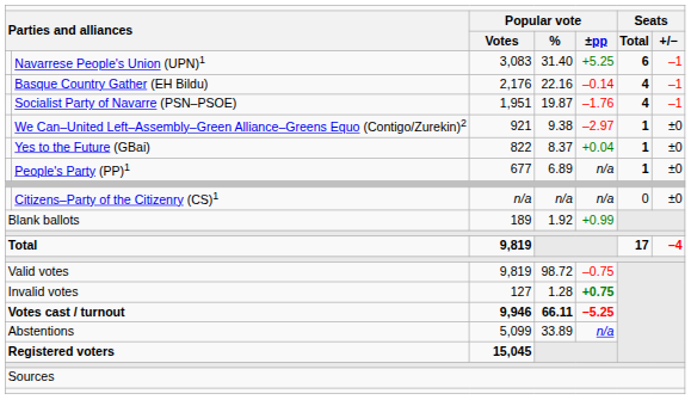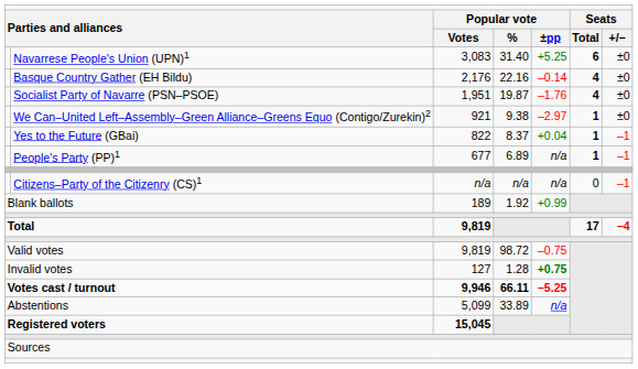 <table class="wikitable" style="text-align:right;">
 <tr>
 <td colspan="7"></td>
 </tr>
 <tr>
 <th style="text-align:left;" rowspan="2" colspan="2" width="525">Parties and alliances</th>
 <th colspan="3">Popular vote</th>
 <th colspan="2">Seats</th>
 </tr>
 <tr>
 <th width="75">Votes</th>
 <th width="45">%</th>
 <th width="45">±<a href='#'>pp</a></th>
 <th width="35">Total</th>
 <th width="35">+/−</th>
 </tr>
 <tr>
 <td width="1" style="color:inherit;background:"></td>
 <td align="left"><a href='#'>Navarrese People's Union</a> (UPN)<sup>1</sup></td>
 <td>3,083</td>
 <td>31.40</td>
 <td style="color:green;">+5.25</td>
 <td><strong>6</strong></td>
-<td style="color:red;">–1</td>
+<td>±0</td>
 </tr>
 <tr>
 <td style="color:inherit;background:"></td>
 <td align="left"><a href='#'>Basque Country Gather</a> (EH Bildu)</td>
 <td>2,176</td>
 <td>22.16</td>
 <td style="color:red;">–0.14</td>
 <td><strong>4</strong></td>
-<td style="color:red;">–1</td>
+<td>±0</td>
 </tr>
 <tr>
 <td style="color:inherit;background:"></td>
 <td align="left"><a href='#'>Socialist Party of Navarre</a> (PSN–PSOE)</td>
 <td>1,951</td>
 <td>19.87</td>
 <td style="color:red;">–1.76</td>
 <td><strong>4</strong></td>
-<td style="color:red;">–1</td>
+<td>±0</td>
 </tr>
 <tr>
 <td style="color:inherit;background:"></td>
 <td align="left"><a href='#'>We Can–United Left–Assembly–Green Alliance–Greens Equo</a> (Contigo/Zurekin)<sup>2</sup></td>
 <td>921</td>
 <td>9.38</td>
 <td style="color:red;">–2.97</td>
 <td><strong>1</strong></td>
 <td>±0</td>
 </tr>
 <tr>
 <td style="color:inherit;background:"></td>
 <td align="left"><a href='#'>Yes to the Future</a> (GBai)</td>
 <td>822</td>
 <td>8.37</td>
 <td style="color:green;">+0.04</td>
 <td><strong>1</strong></td>
-<td>±0</td>
+<td style="color:red;">–1</td>
 </tr>
 <tr>
 <td style="color:inherit;background:"></td>
 <td align="left"><a href='#'>People's Party</a> (PP)<sup>1</sup></td>
 <td>677</td>
 <td>6.89</td>
 <td><em>n/a</em></td>
 <td><strong>1</strong></td>
-<td>±0</td>
+<td style="color:red;">–1</td>
 </tr>
 <tr>
 <td colspan="7" bgcolor="#C0C0C0"></td>
 </tr>
 <tr>
 <td style="color:inherit;background:"></td>
 <td align="left"><a href='#'>Citizens–Party of the Citizenry</a> (CS)<sup>1</sup></td>
 <td><em>n/a</em></td>
 <td><em>n/a</em></td>
 <td><em>n/a</em></td>
 <td>0</td>
-<td>±0</td>
+<td style="color:red;">–1</td>
 </tr>
 <tr>
 <td align="left" colspan="2">Blank ballots</td>
 <td>189</td>
 <td>1.92</td>
 <td style="color:green;">+0.99</td>
 <td bgcolor="#E9E9E9" colspan="2"></td>
 </tr>
 <tr>
 <td colspan="7" bgcolor="#E9E9E9"></td>
 </tr>
 <tr style="font-weight:bold;">
 <td align="left" colspan="2">Total</td>
 <td>9,819</td>
 <td bgcolor="#E9E9E9" colspan="2"></td>
 <td>17</td>
 <td style="color:red;">–4</td>
 </tr>
 <tr>
 <td colspan="7" bgcolor="#E9E9E9"></td>
 </tr>
 <tr>
 <td align="left" colspan="2">Valid votes</td>
 <td>9,819</td>
 <td>98.72</td>
 <td style="color:red;">–0.75</td>
 <td bgcolor="#E9E9E9" colspan="2" rowspan="5"></td>
 </tr>
 <tr>
 <td align="left" colspan="2">Invalid votes</td>
 <td>127</td>
 <td>1.28</td>
 <td style="color:green;"><strong>+0.75</strong></td>
 </tr>
 <tr style="font-weight:bold;">
 <td align="left" colspan="2">Votes cast / turnout</td>
 <td>9,946</td>
 <td>66.11</td>
 <td style="color:red;">–5.25</td>
 </tr>
 <tr>
 <td align="left" colspan="2">Abstentions</td>
 <td>5,099</td>
 <td>33.89</td>
 <td><em><a href='#'>n/a</a></em></td>
 </tr>
 <tr style="font-weight:bold;">
 <td align="left" colspan="2">Registered voters</td>
 <td>15,045</td>
 <td bgcolor="#E9E9E9" colspan="2"></td>
 </tr>
 <tr>
 <td colspan="7" bgcolor="#E9E9E9"></td>
 </tr>
 <tr>
 <td align="left" colspan="7">Sources</td>
 </tr>
 <tr>
 <td colspan="7" style="text-align:left; max-width:790px;"></td>
 </tr>
 </table>
